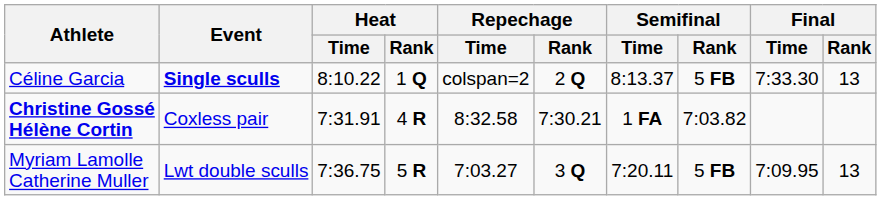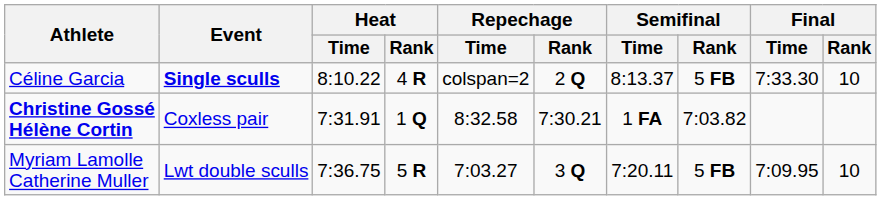 <table class=wikitable style=font-size:90%;text-align:center>
 <tr>
 <th rowspan=2>Athlete</th>
 <th rowspan=2>Event</th>
 <th colspan=2>Heat</th>
 <th colspan=2>Repechage</th>
 <th colspan=2>Semifinal</th>
 <th colspan=2>Final</th>
 </tr>
 <tr style=font-size:95%>
 <th>Time</th>
 <th>Rank</th>
 <th>Time</th>
 <th>Rank</th>
 <th>Time</th>
 <th>Rank</th>
 <th>Time</th>
 <th>Rank</th>
 </tr>
 <tr>
 <td align=left><a href='#'>Céline Garcia</a></td>
 <td align=left><strong><a href='#'>Single sculls</a></strong></td>
 <td>8:10.22</td>
-<td>1 <strong>Q</strong></td>
+<td>4 <strong>R</strong></td>
 <td>colspan=2 </td>
 <td>2 <strong>Q</strong></td>
 <td>8:13.37</td>
 <td>5 <strong>FB</strong></td>
 <td>7:33.30</td>
-<td>13</td>
+<td>10</td>
 </tr>
 <tr>
 <td align=left><strong><a href='#'>Christine Gossé</a><br><a href='#'>Hélène Cortin</a></strong></td>
 <td align=left><a href='#'>Coxless pair</a></td>
 <td>7:31.91</td>
-<td>4 <strong>R</strong></td>
+<td>1 <strong>Q</strong></td>
 <td>8:32.58</td>
 <td>7:30.21</td>
 <td>1 <strong>FA</strong></td>
 <td>7:03.82</td>
 <td></td>
 </tr>
 <tr>
 <td align=left><a href='#'>Myriam Lamolle</a><br><a href='#'>Catherine Muller</a></td>
 <td align=left><a href='#'>Lwt double sculls</a></td>
 <td>7:36.75</td>
 <td>5 <strong>R</strong></td>
 <td>7:03.27</td>
 <td>3 <strong>Q</strong></td>
 <td>7:20.11</td>
 <td>5  <strong>FB</strong></td>
 <td>7:09.95</td>
-<td>13</td>
+<td>10</td>
 </tr>
 </table>
